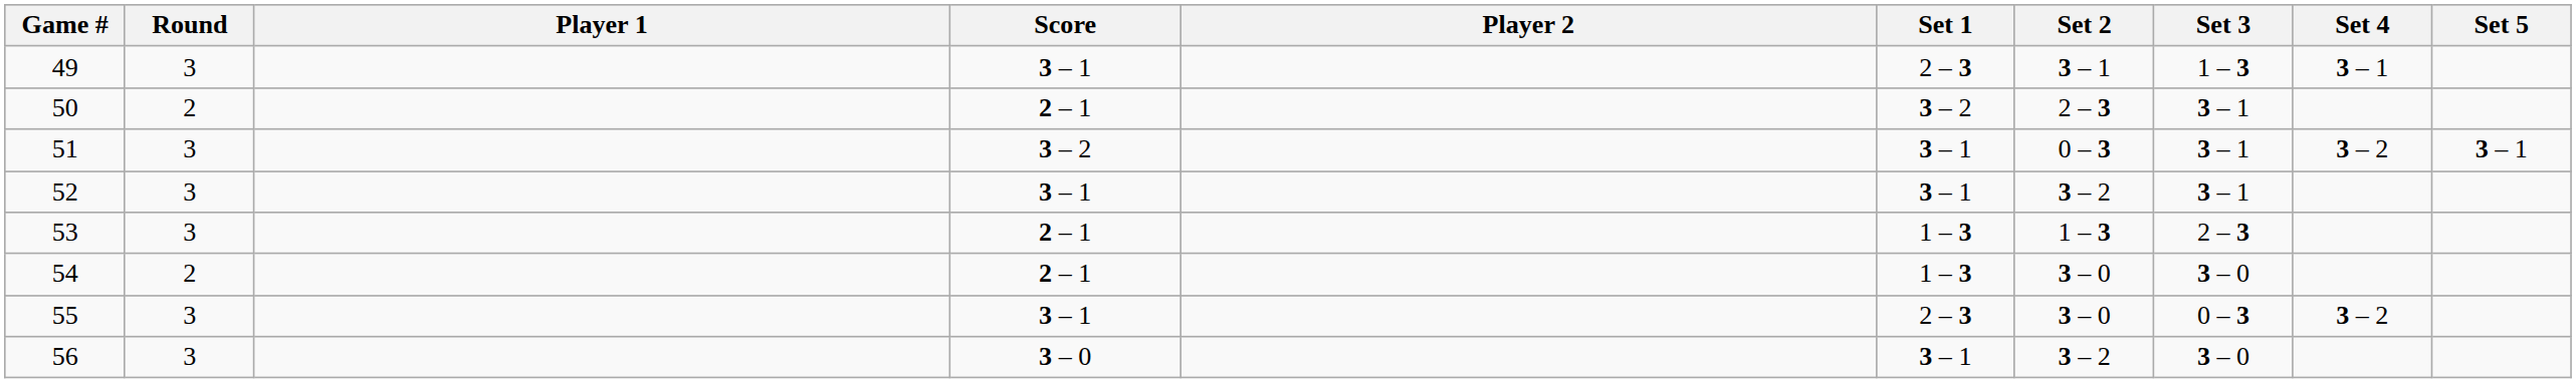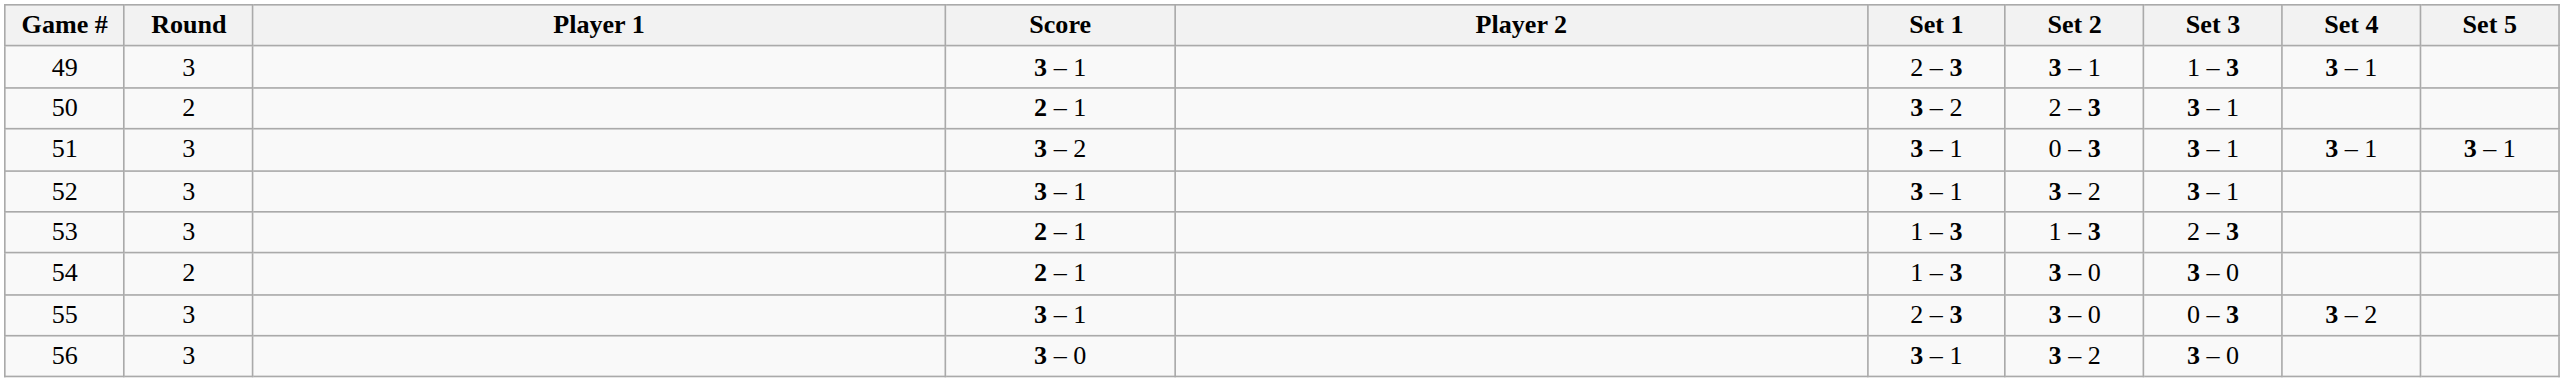 <table class="wikitable">
 <tr>
 <th width="2%">Game #</th>
 <th width="2%">Round</th>
 <th width="15%">Player 1</th>
 <th width="5%">Score</th>
 <th width="15%">Player 2</th>
 <th width="3%">Set 1</th>
 <th width="3%">Set 2</th>
 <th width="3%">Set 3</th>
 <th width="3%">Set 4</th>
 <th width="3%">Set 5</th>
 </tr>
 <tr style=text-align:center;"background:#;">
 <td>49</td>
 <td>3</td>
 <td></td>
 <td><strong>3</strong> – 1</td>
 <td></td>
 <td>2 – <strong>3</strong></td>
 <td><strong>3</strong> – 1</td>
 <td>1 – <strong>3</strong></td>
 <td><strong>3</strong> – 1</td>
 <td></td>
 </tr>
 <tr style=text-align:center;"background:#;">
 <td>50</td>
 <td>2</td>
 <td></td>
 <td><strong>2</strong> – 1</td>
 <td></td>
 <td><strong>3</strong> – 2</td>
 <td>2 – <strong>3</strong></td>
 <td><strong>3</strong> – 1</td>
 <td></td>
 <td></td>
 </tr>
 <tr style=text-align:center;"background:#;">
 <td>51</td>
 <td>3</td>
 <td></td>
 <td><strong>3</strong> – 2</td>
 <td></td>
 <td><strong>3</strong> – 1</td>
 <td>0 – <strong>3</strong></td>
 <td><strong>3</strong> – 1</td>
-<td><strong>3</strong> – 2</td>
+<td><strong>3</strong> – 1</td>
 <td><strong>3</strong> – 1</td>
 </tr>
 <tr style=text-align:center;"background:#;">
 <td>52</td>
 <td>3</td>
 <td></td>
 <td><strong>3</strong> – 1</td>
 <td></td>
 <td><strong>3</strong> – 1</td>
 <td><strong>3</strong> – 2</td>
 <td><strong>3</strong> – 1</td>
 <td></td>
 <td></td>
 </tr>
 <tr style=text-align:center;"background:#;">
 <td>53</td>
 <td>3</td>
 <td></td>
 <td><strong>2</strong> – 1</td>
 <td></td>
 <td>1 – <strong>3</strong></td>
 <td>1 – <strong>3</strong></td>
 <td>2 – <strong>3</strong></td>
 <td></td>
 <td></td>
 </tr>
 <tr style=text-align:center;"background:#;">
 <td>54</td>
 <td>2</td>
 <td></td>
 <td><strong>2</strong> – 1</td>
 <td></td>
 <td>1 – <strong>3</strong></td>
 <td><strong>3</strong> – 0</td>
 <td><strong>3</strong> – 0</td>
 <td></td>
 <td></td>
 </tr>
 <tr style=text-align:center;"background:#;">
 <td>55</td>
 <td>3</td>
 <td></td>
 <td><strong>3</strong> – 1</td>
 <td></td>
 <td>2 – <strong>3</strong></td>
 <td><strong>3</strong> – 0</td>
 <td>0 – <strong>3</strong></td>
 <td><strong>3</strong> – 2</td>
 <td></td>
 </tr>
 <tr style=text-align:center;"background:#;">
 <td>56</td>
 <td>3</td>
 <td></td>
 <td><strong>3</strong> – 0</td>
 <td></td>
 <td><strong>3</strong> – 1</td>
 <td><strong>3</strong> – 2</td>
 <td><strong>3</strong> – 0</td>
 <td></td>
 <td></td>
 </tr>
 </table>
